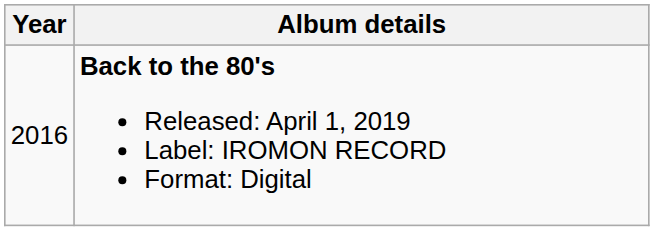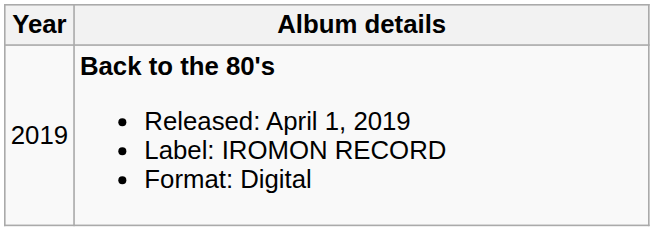 <table class="wikitable" border="1">
 <tr>
 <th rowspan="1">Year</th>
 <th rowspan="1" width="350">Album details</th>
 </tr>
 <tr>
-<td rowspan="1">2016</td>
+<td rowspan="1">2019</td>
 <td align="left"><strong>Back to the 80's</strong><br><ul><li>Released: April 1, 2019</li><li>Label: IROMON RECORD</li><li>Format: Digital</li></ul></td>
 </tr>
 </table>
